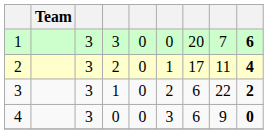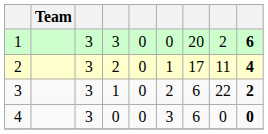 <table class="wikitable" style="text-align: center;">
 <tr>
 <th width=20></th>
 <th>Team</th>
 <th width=20></th>
 <th width=20></th>
 <th width=20></th>
 <th width=20></th>
 <th width=20></th>
 <th width=20></th>
 <th width=20></th>
 </tr>
 <tr bgcolor=ccffcc>
 <td>1</td>
 <td style="text-align: left;"></td>
 <td>3</td>
 <td>3</td>
 <td>0</td>
 <td>0</td>
 <td>20</td>
-<td>7</td>
+<td>2</td>
 <td><strong>6</strong></td>
 </tr>
 <tr bgcolor=ffffcc>
 <td>2</td>
 <td style="text-align: left;"></td>
 <td>3</td>
 <td>2</td>
 <td>0</td>
 <td>1</td>
 <td>17</td>
 <td>11</td>
 <td><strong>4</strong></td>
 </tr>
 <tr>
 <td>3</td>
 <td style="text-align: left;"></td>
 <td>3</td>
 <td>1</td>
 <td>0</td>
 <td>2</td>
 <td>6</td>
 <td>22</td>
 <td><strong>2</strong></td>
 </tr>
 <tr>
 <td>4</td>
 <td style="text-align: left;"></td>
 <td>3</td>
 <td>0</td>
 <td>0</td>
 <td>3</td>
 <td>6</td>
-<td>9</td>
+<td>0</td>
 <td><strong>0</strong></td>
 </tr>
 <tr>
 </tr>
 </table>
